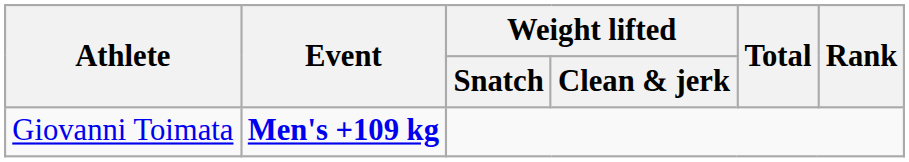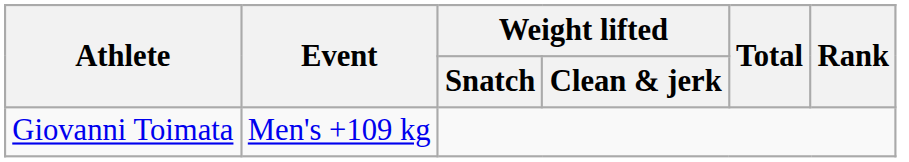 <table class=wikitable style="text-align:center; font-size:90%">
 <tr>
 <th rowspan="2">Athlete</th>
 <th rowspan="2">Event</th>
 <th colspan="2">Weight lifted</th>
 <th rowspan="2">Total</th>
 <th rowspan="2">Rank</th>
 </tr>
 <tr>
 <th>Snatch</th>
 <th>Clean & jerk</th>
 </tr>
 <tr>
 <td align=left><a href='#'>Giovanni Toimata</a></td>
-<td align=left><strong><a href='#'>Men's +109 kg</a></strong></td>
+<td align=left><a href='#'>Men's +109 kg</a></td>
 <td colspan=4></td>
 </tr>
 </table>
